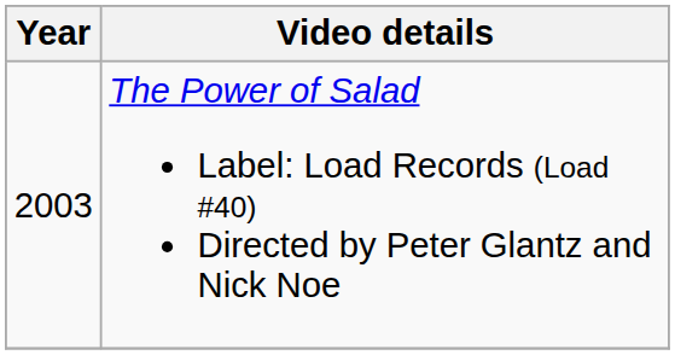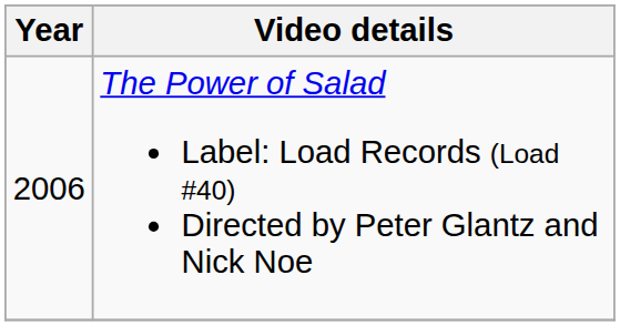 <table class="wikitable">
 <tr>
 <th width="33">Year</th>
 <th width="250">Video details</th>
 </tr>
 <tr>
-<td align="center">2003</td>
+<td align="center">2006</td>
 <td><em><a href='#'>The Power of Salad</a></em><br><ul><li>Label: Load Records <small>(Load #40)</small></li><li>Directed by Peter Glantz and Nick Noe</li></ul></td>
 </tr>
 <tr>
 </tr>
 </table>
